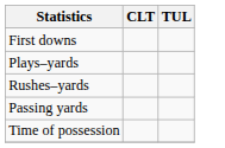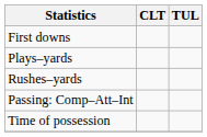 <table class="wikitable" style="float: left;">
 <tr>
 <th>Statistics</th>
 <th>CLT</th>
 <th>TUL</th>
 </tr>
 <tr>
 <td>First downs</td>
 <td></td>
 <td></td>
 </tr>
 <tr>
 <td>Plays–yards</td>
 <td></td>
 <td></td>
 </tr>
 <tr>
 <td>Rushes–yards</td>
 <td></td>
 <td></td>
 </tr>
 <tr>
-<td>Passing yards</td>
+<td>Passing: Comp–Att–Int</td>
 <td></td>
 <td></td>
 </tr>
 <tr>
 <td>Time of possession</td>
 <td></td>
 <td></td>
 </tr>
 <tr>
 </tr>
 </table>
